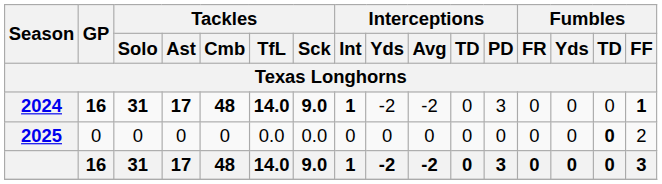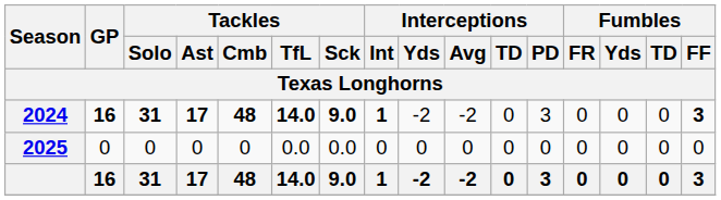 <table class="wikitable" style="text-align:center;">
 <tr>
 <th rowspan="2">Season</th>
 <th rowspan="2">GP</th>
 <th colspan="5">Tackles</th>
 <th colspan="5">Interceptions</th>
 <th colspan="4">Fumbles</th>
 </tr>
 <tr>
 <th>Solo</th>
 <th>Ast</th>
 <th>Cmb</th>
 <th>TfL</th>
 <th>Sck</th>
 <th>Int</th>
 <th>Yds</th>
 <th>Avg</th>
 <th>TD</th>
 <th>PD</th>
 <th>FR</th>
 <th>Yds</th>
 <th>TD</th>
 <th>FF</th>
 </tr>
 <tr>
 <th colspan="16">Texas Longhorns</th>
 </tr>
 <tr>
 <th><a href='#'>2024</a></th>
 <td><strong>16</strong></td>
 <td><strong>31</strong></td>
 <td><strong>17</strong></td>
 <td><strong>48</strong></td>
 <td><strong>14.0</strong></td>
 <td><strong>9.0</strong></td>
 <td><strong>1</strong></td>
 <td>-2</td>
 <td>-2</td>
 <td>0</td>
 <td>3</td>
 <td>0</td>
 <td>0</td>
 <td>0</td>
-<td><strong>1</strong></td>
+<td><strong>3</strong></td>
 </tr>
 <tr>
 <th><a href='#'>2025</a></th>
 <td>0</td>
 <td>0</td>
 <td>0</td>
 <td>0</td>
 <td>0.0</td>
 <td>0.0</td>
 <td>0</td>
 <td>0</td>
 <td>0</td>
 <td>0</td>
 <td>0</td>
 <td>0</td>
 <td>0</td>
-<td><strong>0</strong></td>
-<td>2</td>
+<td>0</td>
+<td>0</td>
 </tr>
 <tr>
 <th></th>
 <th>16</th>
 <th>31</th>
 <th>17</th>
 <th>48</th>
 <th>14.0</th>
 <th>9.0</th>
 <th>1</th>
 <th>-2</th>
 <th>-2</th>
 <th>0</th>
 <th>3</th>
 <th>0</th>
 <th>0</th>
 <th>0</th>
 <th>3</th>
 </tr>
 <tr>
 </tr>
 </table>
